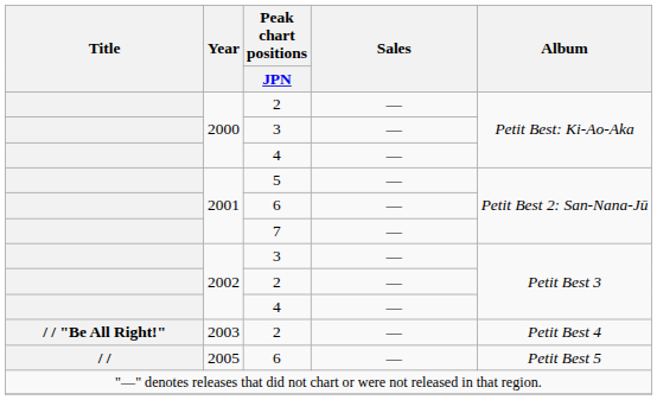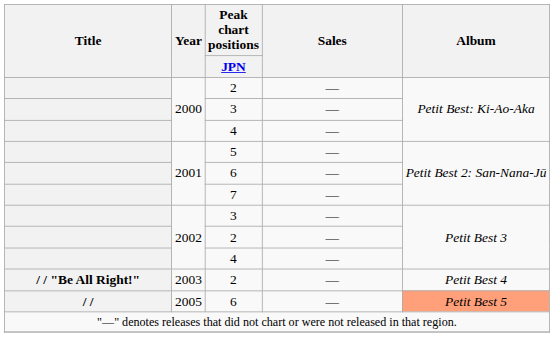 <table class="wikitable plainrowheaders" style="text-align:center;">
 <tr>
 <th rowspan="2" style="width:12em;">Title</th>
 <th rowspan="2">Year</th>
 <th colspan="1">Peak chart positions</th>
 <th rowspan="2" style="width:10em;">Sales</th>
 <th rowspan="2">Album</th>
 </tr>
 <tr>
 <th width="30"><a href='#'>JPN</a></th>
 </tr>
 <tr>
 <th scope="row"><br></th>
 <td rowspan="3">2000</td>
 <td>2</td>
 <td>—</td>
 <td rowspan="3"><em>Petit Best: Ki-Ao-Aka</em></td>
 </tr>
 <tr>
 <th scope="row"><br></th>
 <td>3</td>
 <td>—</td>
 </tr>
 <tr>
 <th scope="row"><br></th>
 <td>4</td>
 <td>—</td>
 </tr>
 <tr>
 <th scope="row"><br></th>
 <td rowspan="3">2001</td>
 <td>5</td>
 <td>—</td>
 <td rowspan="3"><em>Petit Best 2: San-Nana-Jū</em></td>
 </tr>
 <tr>
 <th scope="row"><br></th>
 <td>6</td>
 <td>—</td>
 </tr>
 <tr>
 <th scope="row"><br></th>
 <td>7</td>
 <td>—</td>
 </tr>
 <tr>
 <th scope="row"><br></th>
 <td rowspan="3">2002</td>
 <td>3</td>
 <td>—</td>
 <td rowspan="3"><em>Petit Best 3</em></td>
 </tr>
 <tr>
 <th scope="row"><br></th>
 <td>2</td>
 <td>—</td>
 </tr>
 <tr>
 <th scope="row"><br></th>
 <td>4</td>
 <td>—</td>
 </tr>
 <tr>
 <th scope="row"> /  / "Be All Right!"<br></th>
 <td>2003</td>
 <td>2</td>
 <td>—</td>
 <td><em>Petit Best 4</em></td>
 </tr>
 <tr>
 <th scope="row"> /  / <br></th>
 <td>2005</td>
 <td>6</td>
 <td>—</td>
-<td><em>Petit Best 5</em></td>
+<td style="background: lightsalmon;"><em>Petit Best 5</em></td>
 </tr>
 <tr>
 <td colspan="5" style="font-size:90%;">"—" denotes releases that did not chart or were not released in that region.</td>
 </tr>
 <tr>
 </tr>
 </table>
